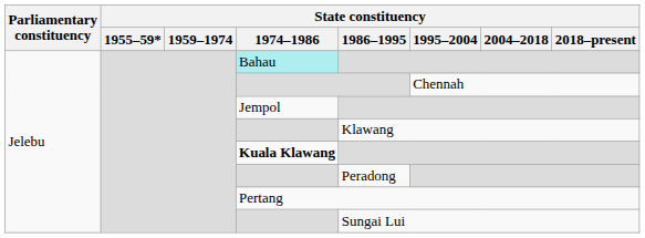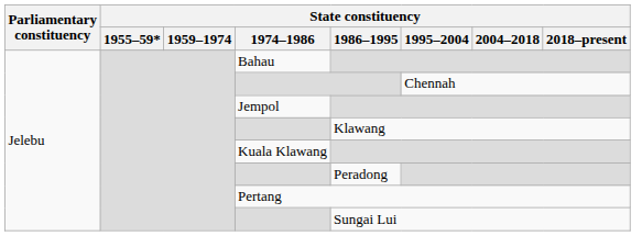 <table class="wikitable">
 <tr>
 <th rowspan="2">Parliamentary<br>constituency</th>
 <th colspan="7">State constituency</th>
 </tr>
 <tr>
 <th>1955–59*</th>
 <th>1959–1974</th>
 <th>1974–1986</th>
 <th>1986–1995</th>
 <th>1995–2004</th>
 <th>2004–2018</th>
 <th>2018–present</th>
 </tr>
 <tr>
 <td rowspan="8">Jelebu</td>
 <td colspan="2" rowspan="8" bgcolor="dcdcdc"></td>
-<td style="background: paleturquoise;">Bahau</td>
+<td>Bahau</td>
 <td colspan="4" bgcolor="dcdcdc"></td>
 </tr>
 <tr>
 <td colspan="2" bgcolor="dcdcdc"></td>
 <td colspan="3">Chennah</td>
 </tr>
 <tr>
 <td>Jempol</td>
 <td colspan="4" bgcolor="dcdcdc"></td>
 </tr>
 <tr>
 <td bgcolor="dcdcdc"></td>
 <td colspan="4">Klawang</td>
 </tr>
 <tr>
-<td><strong>Kuala Klawang</strong></td>
+<td>Kuala Klawang</td>
 <td colspan="4" bgcolor="dcdcdc"></td>
 </tr>
 <tr>
 <td bgcolor="dcdcdc"></td>
 <td>Peradong</td>
 <td colspan="3" bgcolor="dcdcdc"></td>
 </tr>
 <tr>
 <td colspan="5">Pertang</td>
 </tr>
 <tr>
 <td bgcolor="dcdcdc"></td>
 <td colspan="4">Sungai Lui</td>
 </tr>
 </table>
